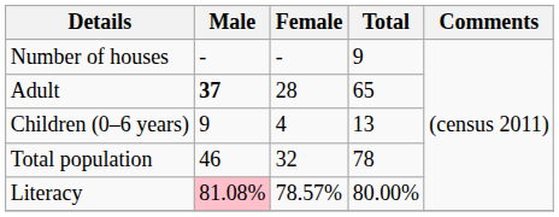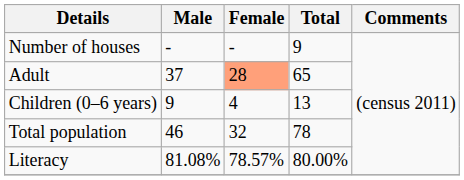 <table class="wikitable sortable">
 <tr>
 <th>Details</th>
 <th>Male</th>
 <th>Female</th>
 <th>Total</th>
 <th>Comments</th>
 </tr>
 <tr>
 <td>Number of houses</td>
 <td>-</td>
 <td>-</td>
 <td>9</td>
 <td rowspan="5">(census 2011) </td>
 </tr>
 <tr>
 <td>Adult</td>
-<td><strong>37</strong></td>
-<td>28</td>
+<td>37</td>
+<td style="background: lightsalmon;">28</td>
 <td>65</td>
 </tr>
 <tr>
 <td>Children (0–6 years)</td>
 <td>9</td>
 <td>4</td>
 <td>13</td>
 </tr>
 <tr>
 <td>Total population</td>
 <td>46</td>
 <td>32</td>
 <td>78</td>
 </tr>
 <tr>
 <td>Literacy</td>
-<td style="background: pink;">81.08%</td>
+<td>81.08%</td>
 <td>78.57%</td>
 <td>80.00%</td>
 </tr>
 <tr>
 </tr>
 </table>
